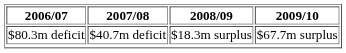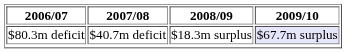 <table border=1>
 <tr>
 <th>2006/07</th>
 <th>2007/08</th>
 <th>2008/09</th>
 <th>2009/10</th>
 </tr>
 <tr>
 <td>$80.3m deficit</td>
 <td>$40.7m deficit</td>
 <td>$18.3m surplus</td>
-<td>$67.7m surplus</td>
+<td style="background: lavender;">$67.7m surplus</td>
 </tr>
 <tr>
 </tr>
 </table>
